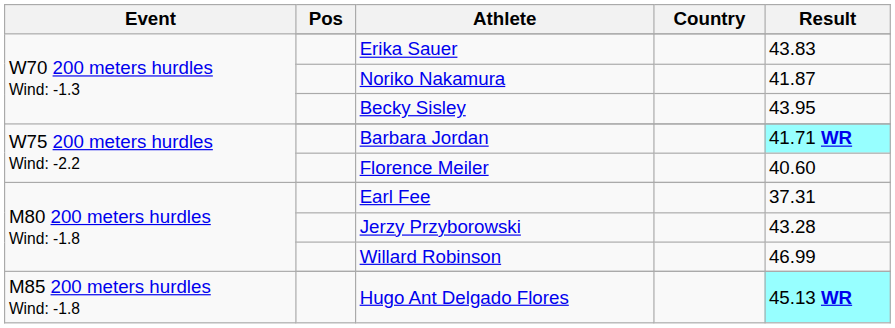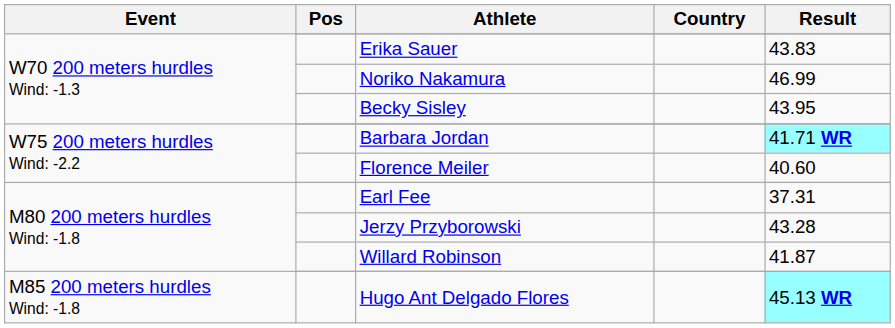 <table class="wikitable" style="width:60%;">
 <tr>
 <th>Event</th>
 <th>Pos</th>
 <th>Athlete</th>
 <th>Country</th>
 <th>Result</th>
 </tr>
 <tr>
 <td rowspan="4">W70 <a href='#'>200 meters hurdles</a><br><small>Wind: -1.3</small></td>
 </tr>
 <tr>
 <td align=center></td>
 <td align=left><a href='#'>Erika Sauer</a></td>
 <td align=left></td>
 <td>43.83</td>
 </tr>
 <tr>
 <td align=center></td>
 <td align=left><a href='#'>Noriko Nakamura</a></td>
 <td align=left></td>
-<td>41.87</td>
+<td>46.99</td>
 </tr>
 <tr>
 <td align=center></td>
 <td align=left><a href='#'>Becky Sisley</a></td>
 <td align=left></td>
 <td>43.95</td>
 </tr>
 <tr>
 <td rowspan="3">W75 <a href='#'>200 meters hurdles</a><br><small>Wind: -2.2</small></td>
 </tr>
 <tr>
 <td align=center></td>
 <td align=left><a href='#'>Barbara Jordan</a></td>
 <td align=left></td>
 <td bgcolor=#97ffff>41.71 <strong><a href='#'>WR</a></strong></td>
 </tr>
 <tr>
 <td align=center></td>
 <td align=left><a href='#'>Florence Meiler</a></td>
 <td align=left></td>
 <td>40.60</td>
 </tr>
 <tr>
 <td rowspan="4">M80 <a href='#'>200 meters hurdles</a><br><small>Wind: -1.8</small></td>
 </tr>
 <tr>
 <td align=center></td>
 <td align=left><a href='#'>Earl Fee</a></td>
 <td align=left></td>
 <td>37.31</td>
 </tr>
 <tr>
 <td align=center></td>
 <td align=left><a href='#'>Jerzy Przyborowski</a></td>
 <td align=left></td>
 <td>43.28</td>
 </tr>
 <tr>
 <td align=center></td>
 <td align=left><a href='#'>Willard Robinson</a></td>
 <td align=left></td>
-<td>46.99</td>
+<td>41.87</td>
 </tr>
 <tr>
 <td rowspan="2">M85 <a href='#'>200 meters hurdles</a><br><small>Wind: -1.8</small></td>
 </tr>
 <tr>
 <td align=center></td>
 <td align=left><a href='#'>Hugo Ant Delgado Flores</a></td>
 <td align=left></td>
 <td bgcolor=#97ffff>45.13 <strong><a href='#'>WR</a></strong></td>
 </tr>
 </table>
